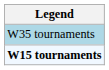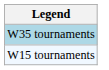 <table class="wikitable" style="font-size:85%">
 <tr>
 <th>Legend</th>
 </tr>
 <tr style="background:lightblue;">
 <td>W35 tournaments</td>
 </tr>
 <tr style="background:#f0f8ff;">
-<td><strong>W15 tournaments</strong></td>
+<td>W15 tournaments</td>
 </tr>
 </table>
